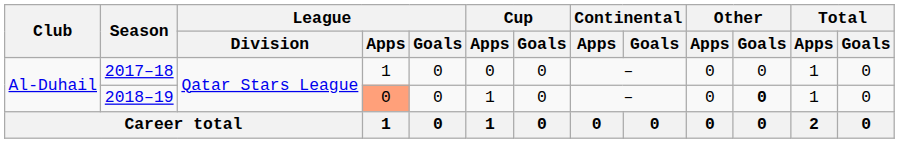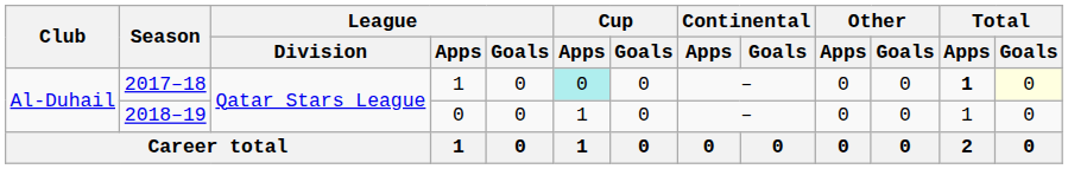 <table class="wikitable" style="text-align: center">
 <tr>
 <th rowspan="2">Club</th>
 <th rowspan="2">Season</th>
 <th colspan="3">League</th>
 <th colspan="2">Cup</th>
 <th colspan="2">Continental</th>
 <th colspan="2">Other</th>
 <th colspan="2">Total</th>
 </tr>
 <tr>
 <th>Division</th>
 <th>Apps</th>
 <th>Goals</th>
 <th>Apps</th>
 <th>Goals</th>
 <th>Apps</th>
 <th>Goals</th>
 <th>Apps</th>
 <th>Goals</th>
 <th>Apps</th>
 <th>Goals</th>
 </tr>
 <tr>
 <td rowspan="2"><a href='#'>Al-Duhail</a></td>
 <td><a href='#'>2017–18</a></td>
 <td rowspan="2"><a href='#'>Qatar Stars League</a></td>
 <td>1</td>
 <td>0</td>
-<td>0</td>
+<td style="background: paleturquoise;">0</td>
 <td>0</td>
 <td colspan="2">–</td>
 <td>0</td>
 <td>0</td>
-<td>1</td>
-<td>0</td>
+<td><strong>1</strong></td>
+<td style="background: lightyellow;">0</td>
 </tr>
 <tr>
 <td><a href='#'>2018–19</a></td>
-<td style="background: lightsalmon;">0</td>
+<td>0</td>
 <td>0</td>
 <td>1</td>
 <td>0</td>
 <td colspan="2">–</td>
 <td>0</td>
-<td><strong>0</strong></td>
+<td>0</td>
 <td>1</td>
 <td>0</td>
 </tr>
 <tr>
 <th colspan=3>Career total</th>
 <th>1</th>
 <th>0</th>
 <th>1</th>
 <th>0</th>
 <th>0</th>
 <th>0</th>
 <th>0</th>
 <th>0</th>
 <th>2</th>
 <th>0</th>
 </tr>
 </table>
